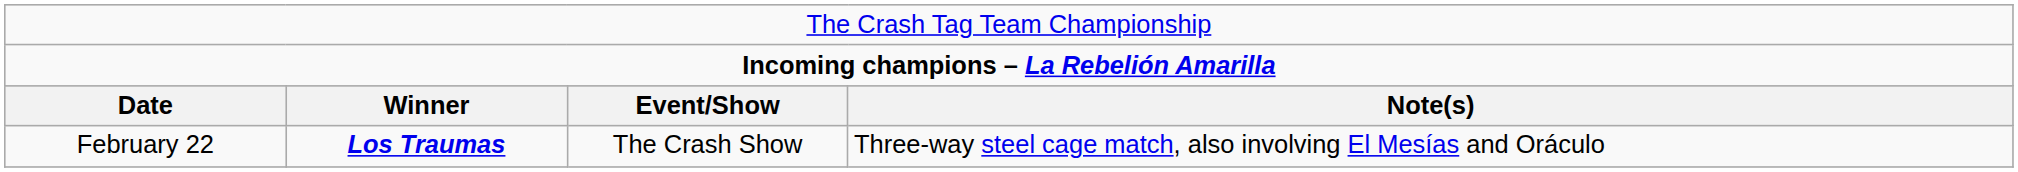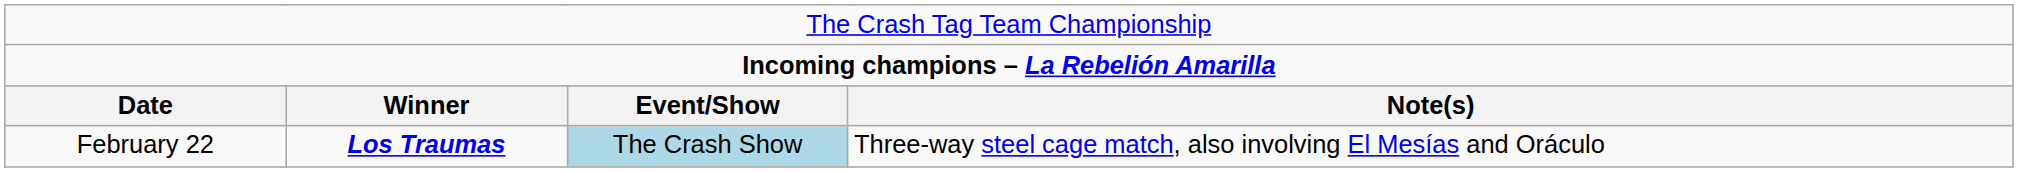 <table class="wikitable" style="text-align:center; width:100%;">
 <tr>
 <td colspan="4" style="text-align: center;"><a href='#'>The Crash Tag Team Championship</a></td>
 </tr>
 <tr>
 <td colspan="4" style="text-align: center;"><strong>Incoming champions – <em><a href='#'>La Rebelión Amarilla</a></em> </strong></td>
 </tr>
 <tr>
 <th width=14%>Date</th>
 <th width=14%>Winner</th>
 <th width=14%>Event/Show</th>
 <th width=58%>Note(s)</th>
 </tr>
 <tr>
 <td>February 22</td>
 <td><strong><em><a href='#'>Los Traumas</a></em><br></strong></td>
-<td>The Crash Show</td>
+<td style="background: lightblue;">The Crash Show</td>
 <td style="text-align: left;">Three-way <a href='#'>steel cage match</a>, also involving <a href='#'>El Mesías</a> and Oráculo</td>
 </tr>
 </table>
